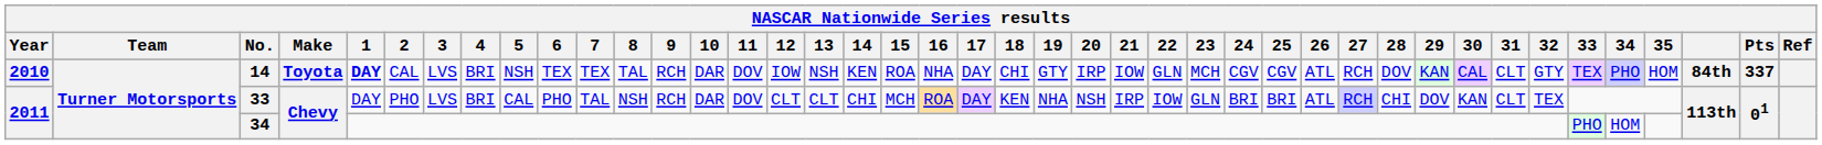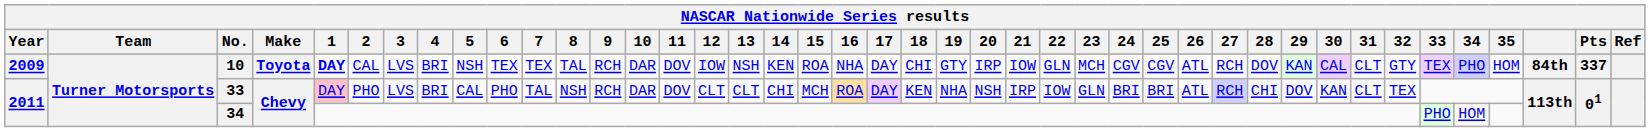 <table class="wikitable" style="text-align:center; font-size:75%">
 <tr>
 <th colspan=42><a href='#'>NASCAR Nationwide Series</a> results</th>
 </tr>
 <tr>
 <th>Year</th>
 <th>Team</th>
 <th>No.</th>
 <th>Make</th>
 <th>1</th>
 <th>2</th>
 <th>3</th>
 <th>4</th>
 <th>5</th>
 <th>6</th>
 <th>7</th>
 <th>8</th>
 <th>9</th>
 <th>10</th>
 <th>11</th>
 <th>12</th>
 <th>13</th>
 <th>14</th>
 <th>15</th>
 <th>16</th>
 <th>17</th>
 <th>18</th>
 <th>19</th>
 <th>20</th>
 <th>21</th>
 <th>22</th>
 <th>23</th>
 <th>24</th>
 <th>25</th>
 <th>26</th>
 <th>27</th>
 <th>28</th>
 <th>29</th>
 <th>30</th>
 <th>31</th>
 <th>32</th>
 <th>33</th>
 <th>34</th>
 <th>35</th>
 <th></th>
 <th>Pts</th>
 <th>Ref</th>
 </tr>
 <tr>
-<th><a href='#'>2010</a></th>
+<th><a href='#'>2009</a></th>
 <th rowspan=3><a href='#'>Turner Motorsports</a></th>
-<th>14</th>
+<th>10</th>
 <th><a href='#'>Toyota</a></th>
 <td><strong><a href='#'>DAY</a></strong></td>
 <td><a href='#'>CAL</a></td>
 <td><a href='#'>LVS</a></td>
 <td><a href='#'>BRI</a></td>
 <td><a href='#'>NSH</a></td>
 <td><a href='#'>TEX</a></td>
 <td><a href='#'>TEX</a></td>
 <td><a href='#'>TAL</a></td>
 <td><a href='#'>RCH</a></td>
 <td><a href='#'>DAR</a></td>
 <td><a href='#'>DOV</a></td>
 <td><a href='#'>IOW</a></td>
 <td><a href='#'>NSH</a></td>
 <td><a href='#'>KEN</a></td>
 <td><a href='#'>ROA</a></td>
 <td><a href='#'>NHA</a></td>
 <td><a href='#'>DAY</a></td>
 <td><a href='#'>CHI</a></td>
 <td><a href='#'>GTY</a></td>
 <td><a href='#'>IRP</a></td>
 <td><a href='#'>IOW</a></td>
 <td><a href='#'>GLN</a></td>
 <td><a href='#'>MCH</a></td>
 <td><a href='#'>CGV</a></td>
 <td><a href='#'>CGV</a></td>
 <td><a href='#'>ATL</a></td>
 <td><a href='#'>RCH</a></td>
 <td><a href='#'>DOV</a></td>
 <td style="background:#DFFFDF;"><a href='#'>KAN</a><br></td>
 <td style="background:#EFCFFF;"><a href='#'>CAL</a><br></td>
 <td><a href='#'>CLT</a></td>
 <td><a href='#'>GTY</a></td>
 <td style="background:#EFCFFF;"><a href='#'>TEX</a><br></td>
 <td style="background:#CFCFFF;"><a href='#'>PHO</a><br></td>
 <td><a href='#'>HOM</a></td>
 <th>84th</th>
 <th>337</th>
 <th></th>
 </tr>
 <tr>
 <th rowspan=2><a href='#'>2011</a></th>
 <th>33</th>
 <th rowspan=2><a href='#'>Chevy</a></th>
-<td><a href='#'>DAY</a></td>
+<td style="background: pink;"><a href='#'>DAY</a></td>
 <td><a href='#'>PHO</a></td>
 <td><a href='#'>LVS</a></td>
 <td><a href='#'>BRI</a></td>
 <td><a href='#'>CAL</a></td>
 <td><a href='#'>PHO</a></td>
 <td><a href='#'>TAL</a></td>
 <td><a href='#'>NSH</a></td>
 <td><a href='#'>RCH</a></td>
 <td><a href='#'>DAR</a></td>
 <td><a href='#'>DOV</a></td>
 <td><a href='#'>CLT</a></td>
 <td><a href='#'>CLT</a></td>
 <td><a href='#'>CHI</a></td>
 <td><a href='#'>MCH</a></td>
 <td style="background:#FFDF9F;"><a href='#'>ROA</a><br></td>
 <td style="background:#EFCFFF;"><a href='#'>DAY</a><br></td>
 <td><a href='#'>KEN</a></td>
 <td><a href='#'>NHA</a></td>
 <td><a href='#'>NSH</a></td>
 <td><a href='#'>IRP</a></td>
 <td><a href='#'>IOW</a></td>
 <td><a href='#'>GLN</a></td>
 <td><a href='#'>BRI</a></td>
 <td><a href='#'>BRI</a></td>
 <td><a href='#'>ATL</a></td>
 <td style="background:#CFCFFF;"><a href='#'>RCH</a><br></td>
 <td><a href='#'>CHI</a></td>
 <td><a href='#'>DOV</a></td>
 <td><a href='#'>KAN</a></td>
 <td><a href='#'>CLT</a></td>
 <td><a href='#'>TEX</a></td>
 <td colspan=3></td>
 <th rowspan=2>113th</th>
 <th rowspan=2>0<sup>1</sup></th>
 <th rowspan=2></th>
 </tr>
 <tr>
 <th>34</th>
 <td colspan=32></td>
 <td style="background:#DFFFDF;"><a href='#'>PHO</a><br></td>
 <td><a href='#'>HOM</a></td>
 <td></td>
 </tr>
 </table>
